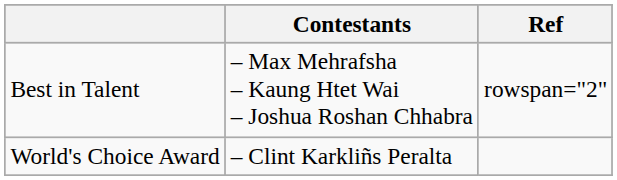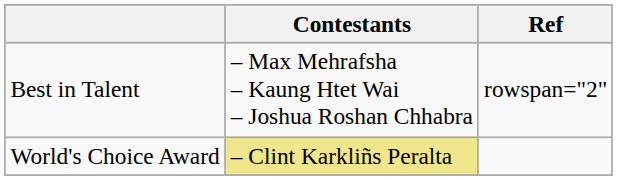 <table class="wikitable"  style="font-size: 85%;">
 <tr style="background:#CCCCCC; text-align:center">
 <th></th>
 <th>Contestants</th>
 <th>Ref</th>
 </tr>
 <tr>
 <td>Best in Talent</td>
 <td>  – Max Mehrafsha <br>   – Kaung Htet Wai <br>   – Joshua Roshan Chhabra</td>
 <td>rowspan="2" </td>
 </tr>
 <tr>
 <td>World's Choice Award</td>
-<td> – Clint Karkliñs Peralta</td>
+<td style="background: khaki;"> – Clint Karkliñs Peralta</td>
 </tr>
 </table>
